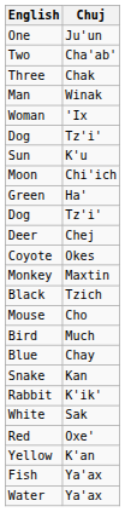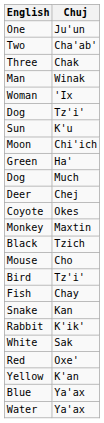 <table class="wikitable">
 <tr>
 <th>English</th>
 <th>Chuj</th>
 </tr>
 <tr>
 <td>One</td>
 <td>Ju'un</td>
 </tr>
 <tr>
 <td>Two</td>
 <td>Cha'ab'</td>
 </tr>
 <tr>
 <td>Three</td>
 <td>Chak</td>
 </tr>
 <tr>
 <td>Man</td>
 <td>Winak</td>
 </tr>
 <tr>
 <td>Woman</td>
 <td>'Ix</td>
 </tr>
 <tr>
 <td>Dog</td>
 <td>Tz'i'</td>
 </tr>
 <tr>
 <td>Sun</td>
 <td>K'u</td>
 </tr>
 <tr>
 <td>Moon</td>
 <td>Chi'ich</td>
 </tr>
 <tr>
 <td>Green</td>
 <td>Ha'</td>
 </tr>
 <tr>
 <td>Dog</td>
-<td>Tz'i'</td>
+<td>Much</td>
 </tr>
 <tr>
 <td>Deer</td>
 <td>Chej</td>
 </tr>
 <tr>
 <td>Coyote</td>
 <td>Okes</td>
 </tr>
 <tr>
 <td>Monkey</td>
 <td>Maxtin</td>
 </tr>
 <tr>
 <td>Black</td>
 <td>Tzich</td>
 </tr>
 <tr>
 <td>Mouse</td>
 <td>Cho</td>
 </tr>
 <tr>
 <td>Bird</td>
-<td>Much</td>
+<td>Tz'i'</td>
 </tr>
 <tr>
-<td>Blue</td>
+<td>Fish</td>
 <td>Chay</td>
 </tr>
 <tr>
 <td>Snake</td>
 <td>Kan</td>
 </tr>
 <tr>
 <td>Rabbit</td>
 <td>K'ik'</td>
 </tr>
 <tr>
 <td>White</td>
 <td>Sak</td>
 </tr>
 <tr>
 <td>Red</td>
 <td>Oxe'</td>
 </tr>
 <tr>
 <td>Yellow</td>
 <td>K'an</td>
 </tr>
 <tr>
-<td>Fish</td>
+<td>Blue</td>
 <td>Ya'ax</td>
 </tr>
 <tr>
 <td>Water</td>
 <td>Ya'ax</td>
 </tr>
 </table>
